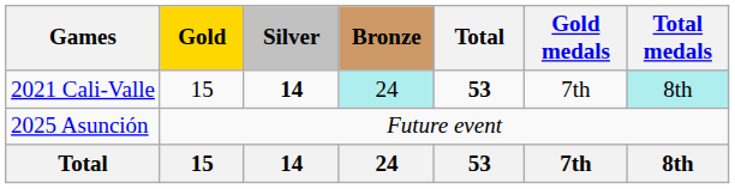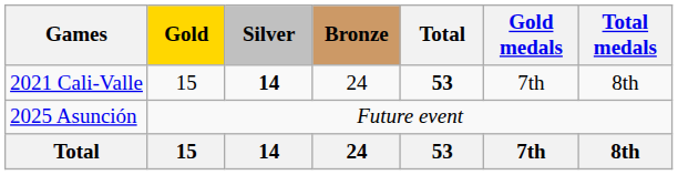 <table class="wikitable" style="text-align:center; font-size:90%;">
 <tr>
 <th>Games</th>
 <td style="background:gold; width:3.2em; font-weight:bold;">Gold</td>
 <td style="background:silver; width:3.7em; font-weight:bold;">Silver</td>
 <td style="background:#c96; width:3.7em; font-weight:bold;">Bronze</td>
 <th style="width:3.5em; font-weight:bold;">Total</th>
 <th style="width:4em; font-weight:bold;"><a href='#'>Gold medals</a></th>
 <th style="width:4em; font-weight:bold;"><a href='#'>Total medals</a></th>
 </tr>
 <tr>
 <td align=left> <a href='#'>2021 Cali-Valle</a></td>
 <td>15</td>
 <td><strong>14</strong></td>
-<td style="background: paleturquoise;">24</td>
+<td>24</td>
 <td><strong>53</strong></td>
 <td>7th</td>
-<td style="background: paleturquoise;">8th</td>
+<td>8th</td>
 </tr>
 <tr>
 <td align=left> <a href='#'>2025 Asunción</a></td>
 <td colspan="6"><em>Future event</em></td>
 </tr>
 <tr>
 <th>Total</th>
 <th>15</th>
 <th>14</th>
 <th>24</th>
 <th>53</th>
 <th>7th</th>
 <th>8th</th>
 </tr>
 </table>
